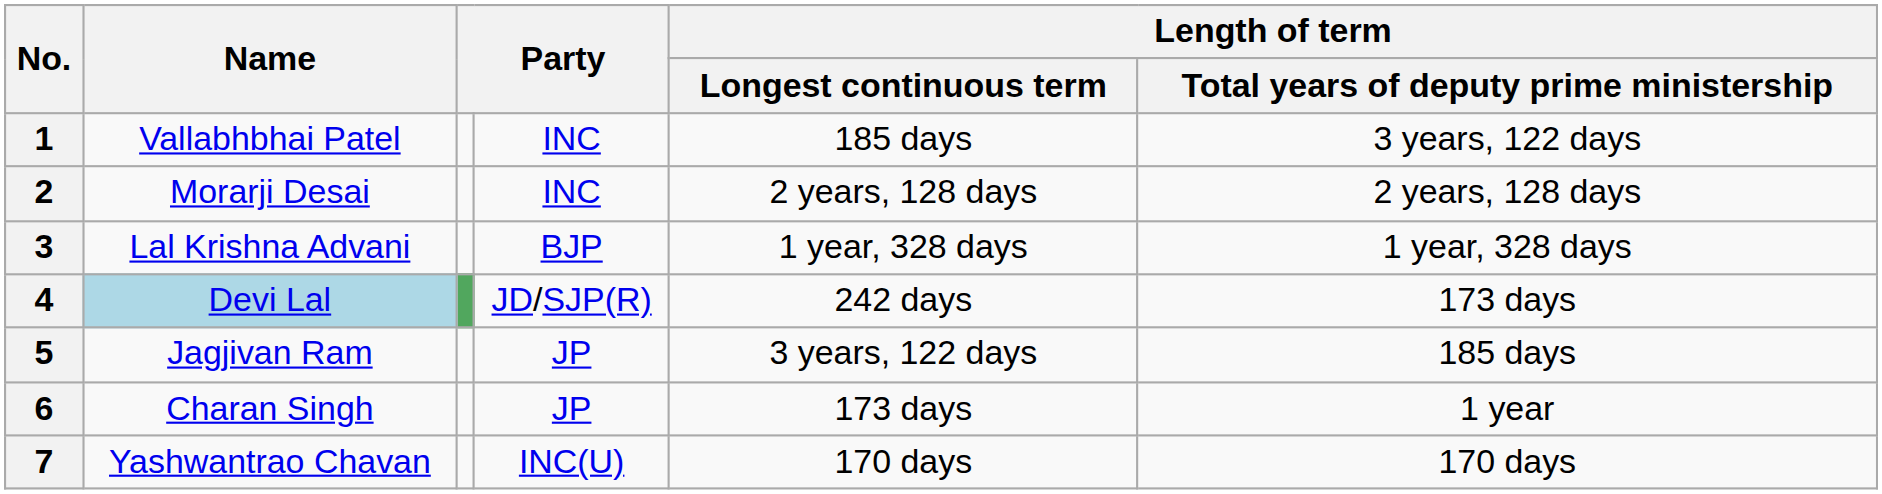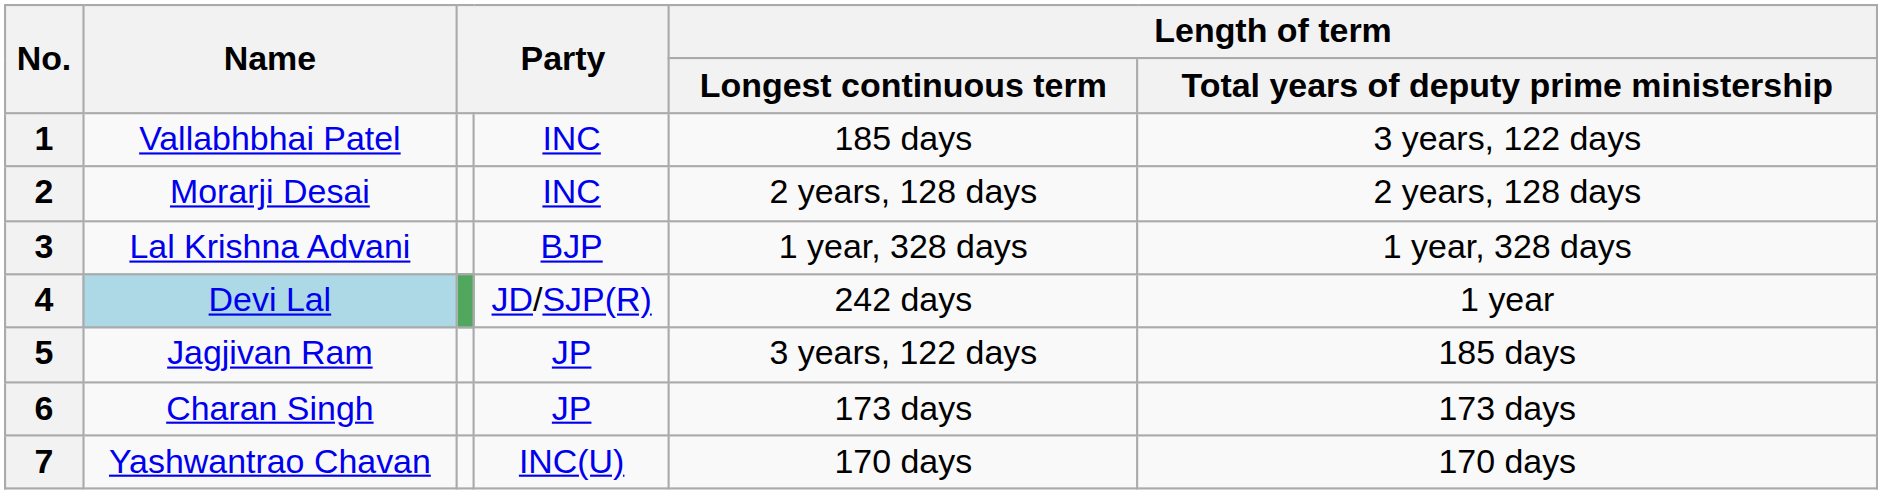 <table class="wikitable sortable" style="width:100%; text-align:center">
 <tr>
 <th rowspan=2>No.</th>
 <th rowspan=2>Name</th>
 <th rowspan=2 colspan=2>Party</th>
 <th colspan=2>Length of term</th>
 </tr>
 <tr>
 <th>Longest continuous term</th>
 <th>Total years of deputy prime ministership</th>
 </tr>
 <tr>
 <th>1</th>
 <td><a href='#'>Vallabhbhai Patel</a></td>
 <td style="background-color:"></td>
 <td><a href='#'>INC</a></td>
 <td>185 days</td>
 <td>3 years, 122 days</td>
 </tr>
 <tr>
 <th>2</th>
 <td><a href='#'>Morarji Desai</a></td>
 <td style="background-color:"></td>
 <td><a href='#'>INC</a></td>
 <td>2 years, 128 days</td>
 <td>2 years, 128 days</td>
 </tr>
 <tr>
 <th>3</th>
 <td><a href='#'>Lal Krishna Advani</a></td>
 <td style="background-color:"></td>
 <td><a href='#'>BJP</a></td>
 <td>1 year, 328 days</td>
 <td>1 year, 328 days</td>
 </tr>
 <tr>
 <th>4</th>
 <td style="background: lightblue;"><a href='#'>Devi Lal</a></td>
 <td style="background-color:#51A75E"></td>
 <td><a href='#'>JD</a>/<a href='#'>SJP(R)</a></td>
 <td>242 days</td>
-<td>173 days</td>
+<td>1 year</td>
 </tr>
 <tr>
 <th>5</th>
 <td><a href='#'>Jagjivan Ram</a></td>
 <td style="background-color:"></td>
 <td><a href='#'>JP</a></td>
 <td>3 years, 122 days</td>
 <td>185 days</td>
 </tr>
 <tr>
 <th>6</th>
 <td><a href='#'>Charan Singh</a></td>
 <td style="background-color:"></td>
 <td><a href='#'>JP</a></td>
 <td>173 days</td>
-<td>1 year</td>
+<td>173 days</td>
 </tr>
 <tr>
 <th>7</th>
 <td><a href='#'>Yashwantrao Chavan</a></td>
 <td style="background-color:"></td>
 <td><a href='#'>INC(U)</a></td>
 <td>170 days</td>
 <td>170 days</td>
 </tr>
 </table>
